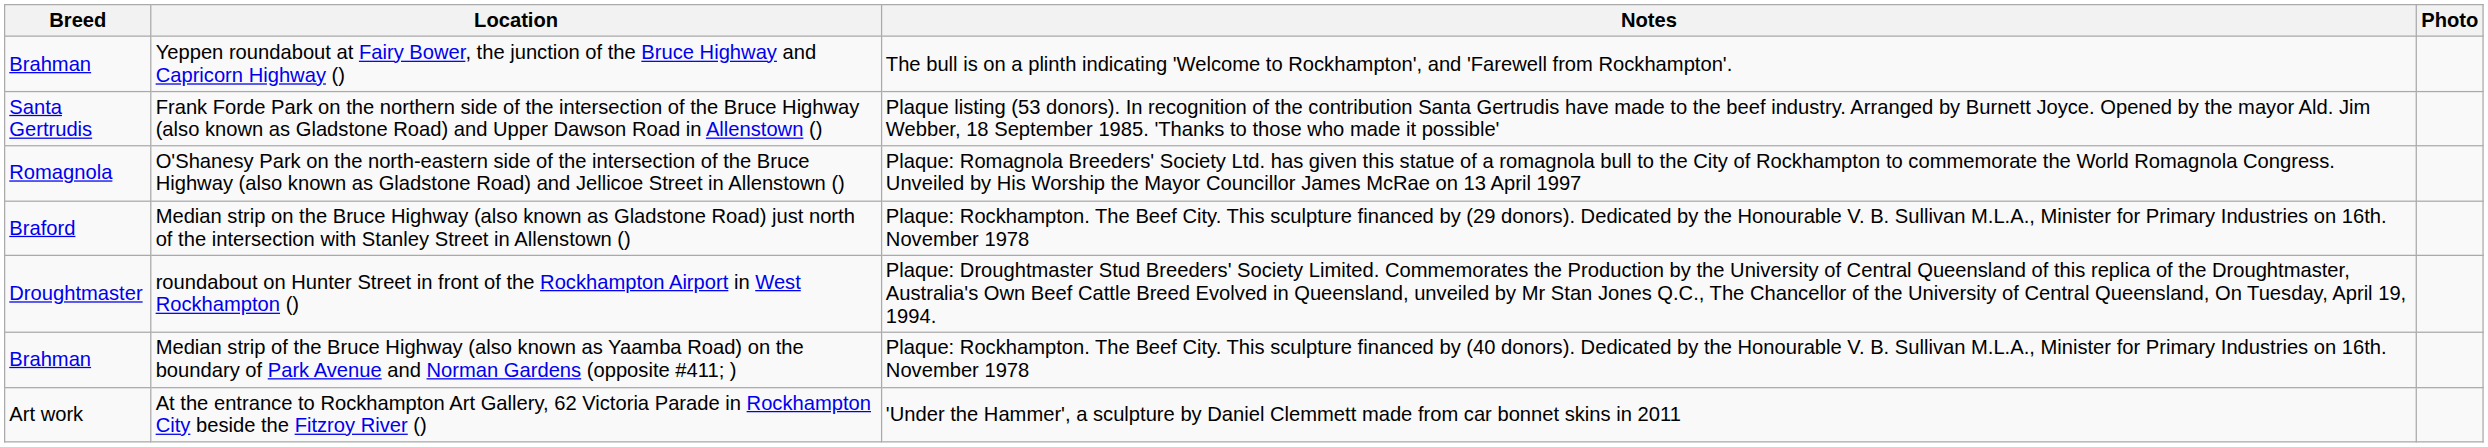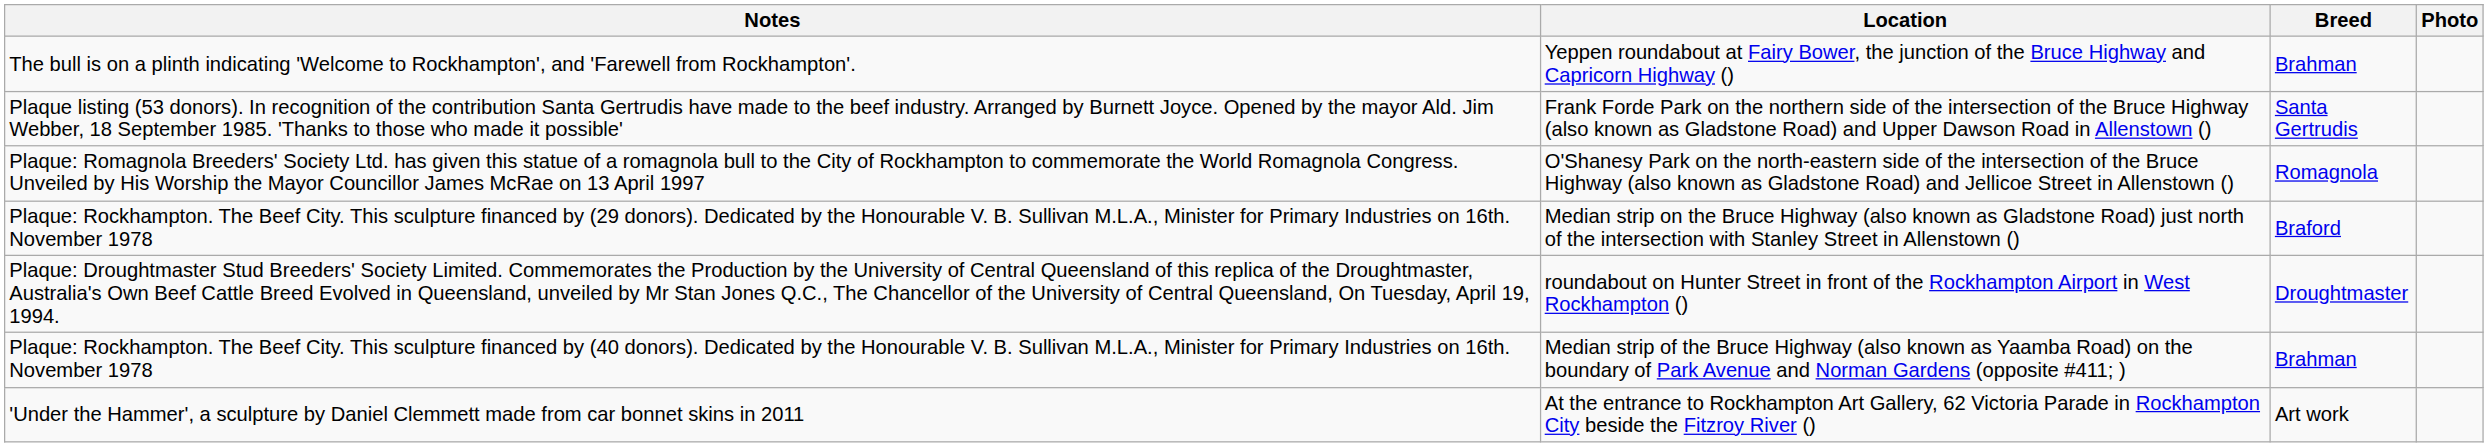 <table class="wikitable">
 <tr>
+<th>Notes</th>
+<th>Location</th>
 <th>Breed</th>
-<th>Location</th>
-<th>Notes</th>
 <th>Photo</th>
 </tr>
 <tr>
+<td>The bull is on a plinth indicating 'Welcome to Rockhampton', and 'Farewell from Rockhampton'.</td>
+<td>Yeppen roundabout at <a href='#'>Fairy Bower</a>, the junction of the <a href='#'>Bruce Highway</a> and <a href='#'>Capricorn Highway</a> ()</td>
 <td><a href='#'>Brahman</a></td>
-<td>Yeppen roundabout at <a href='#'>Fairy Bower</a>, the junction of the <a href='#'>Bruce Highway</a> and <a href='#'>Capricorn Highway</a> ()</td>
-<td>The bull is on a plinth indicating 'Welcome to Rockhampton', and 'Farewell from Rockhampton'.</td>
 <td></td>
 </tr>
 <tr>
+<td>Plaque listing (53 donors).  In recognition of the contribution Santa Gertrudis have made to the beef industry. Arranged by Burnett Joyce.  Opened by the mayor Ald. Jim Webber, 18 September 1985.  'Thanks to those who made it possible'</td>
+<td>Frank Forde Park on the northern side of the intersection of the Bruce Highway (also known as Gladstone Road) and Upper Dawson Road in <a href='#'>Allenstown</a> ()</td>
 <td><a href='#'>Santa Gertrudis</a></td>
-<td>Frank Forde Park on the northern side of the intersection of the Bruce Highway (also known as Gladstone Road) and Upper Dawson Road in <a href='#'>Allenstown</a> ()</td>
-<td>Plaque listing (53 donors).  In recognition of the contribution Santa Gertrudis have made to the beef industry. Arranged by Burnett Joyce.  Opened by the mayor Ald. Jim Webber, 18 September 1985.  'Thanks to those who made it possible'</td>
 <td></td>
 </tr>
 <tr>
+<td>Plaque: Romagnola Breeders' Society Ltd. has given this statue of a romagnola bull to the City of Rockhampton to commemorate the World Romagnola Congress.  Unveiled by His Worship the Mayor Councillor James McRae on 13 April 1997</td>
+<td>O'Shanesy Park on the north-eastern side of the intersection of the Bruce Highway (also known as Gladstone Road) and Jellicoe Street in Allenstown ()</td>
 <td><a href='#'>Romagnola</a></td>
-<td>O'Shanesy Park on the north-eastern side of the intersection of the Bruce Highway (also known as Gladstone Road) and Jellicoe Street in Allenstown ()</td>
-<td>Plaque: Romagnola Breeders' Society Ltd. has given this statue of a romagnola bull to the City of Rockhampton to commemorate the World Romagnola Congress.  Unveiled by His Worship the Mayor Councillor James McRae on 13 April 1997</td>
 <td></td>
 </tr>
 <tr>
+<td>Plaque: Rockhampton.  The Beef City.  This sculpture financed by (29 donors).  Dedicated by the Honourable V. B. Sullivan M.L.A., Minister for Primary Industries on 16th. November 1978</td>
+<td>Median strip on the Bruce Highway (also known as Gladstone Road) just north of the intersection with Stanley Street in Allenstown ()</td>
 <td><a href='#'>Braford</a></td>
-<td>Median strip on the Bruce Highway (also known as Gladstone Road) just north of the intersection with Stanley Street in Allenstown ()</td>
-<td>Plaque: Rockhampton.  The Beef City.  This sculpture financed by (29 donors).  Dedicated by the Honourable V. B. Sullivan M.L.A., Minister for Primary Industries on 16th. November 1978</td>
 <td></td>
 </tr>
 <tr>
+<td>Plaque: Droughtmaster Stud Breeders' Society Limited.  Commemorates the Production by the University of Central Queensland of this replica of the Droughtmaster, Australia's Own Beef Cattle Breed Evolved in Queensland, unveiled by Mr Stan Jones Q.C., The Chancellor of the University of Central Queensland, On Tuesday, April 19, 1994.</td>
+<td>roundabout on Hunter Street in front of the <a href='#'>Rockhampton Airport</a> in <a href='#'>West Rockhampton</a> ()</td>
 <td><a href='#'>Droughtmaster</a></td>
-<td>roundabout on Hunter Street in front of the <a href='#'>Rockhampton Airport</a> in <a href='#'>West Rockhampton</a> ()</td>
-<td>Plaque: Droughtmaster Stud Breeders' Society Limited.  Commemorates the Production by the University of Central Queensland of this replica of the Droughtmaster, Australia's Own Beef Cattle Breed Evolved in Queensland, unveiled by Mr Stan Jones Q.C., The Chancellor of the University of Central Queensland, On Tuesday, April 19, 1994.</td>
 <td></td>
 </tr>
 <tr>
+<td>Plaque: Rockhampton.  The Beef City.  This sculpture financed by (40 donors).  Dedicated by the Honourable V. B. Sullivan M.L.A., Minister for Primary Industries on 16th. November 1978</td>
+<td>Median strip of the Bruce Highway (also known as Yaamba Road) on the boundary of <a href='#'>Park Avenue</a> and <a href='#'>Norman Gardens</a> (opposite #411; )</td>
 <td><a href='#'>Brahman</a></td>
-<td>Median strip of the Bruce Highway (also known as Yaamba Road) on the boundary of <a href='#'>Park Avenue</a> and <a href='#'>Norman Gardens</a> (opposite #411; )</td>
-<td>Plaque: Rockhampton.  The Beef City.  This sculpture financed by (40 donors).  Dedicated by the Honourable V. B. Sullivan M.L.A., Minister for Primary Industries on 16th. November 1978</td>
 <td></td>
 </tr>
 <tr>
+<td>'Under the Hammer', a sculpture by Daniel Clemmett made from car bonnet skins in 2011</td>
+<td>At the entrance to Rockhampton Art Gallery, 62 Victoria Parade in <a href='#'>Rockhampton City</a> beside the <a href='#'>Fitzroy River</a> ()</td>
 <td>Art work</td>
-<td>At the entrance to Rockhampton Art Gallery, 62 Victoria Parade in <a href='#'>Rockhampton City</a> beside the <a href='#'>Fitzroy River</a> ()</td>
-<td>'Under the Hammer', a sculpture by Daniel Clemmett made from car bonnet skins in 2011</td>
 <td></td>
 </tr>
 </table>
